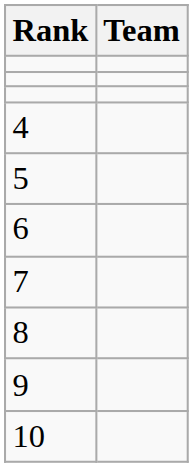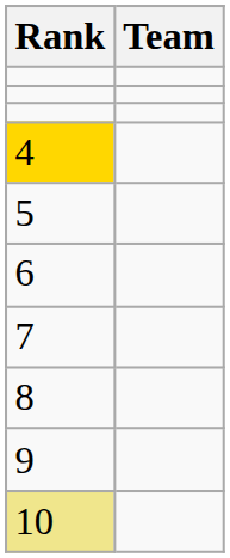 <table class="wikitable">
 <tr>
 <th>Rank</th>
 <th>Team</th>
 </tr>
 <tr>
 <td></td>
 <td></td>
 </tr>
 <tr>
 <td></td>
 <td></td>
 </tr>
 <tr>
 <td></td>
 <td></td>
 </tr>
 <tr>
-<td>4</td>
+<td style="background: gold;">4</td>
 <td></td>
 </tr>
 <tr>
 <td>5</td>
 <td></td>
 </tr>
 <tr>
 <td>6</td>
 <td></td>
 </tr>
 <tr>
 <td>7</td>
 <td></td>
 </tr>
 <tr>
 <td>8</td>
 <td></td>
 </tr>
 <tr>
 <td>9</td>
 <td></td>
 </tr>
 <tr>
-<td>10</td>
+<td style="background: khaki;">10</td>
 <td></td>
 </tr>
 </table>
